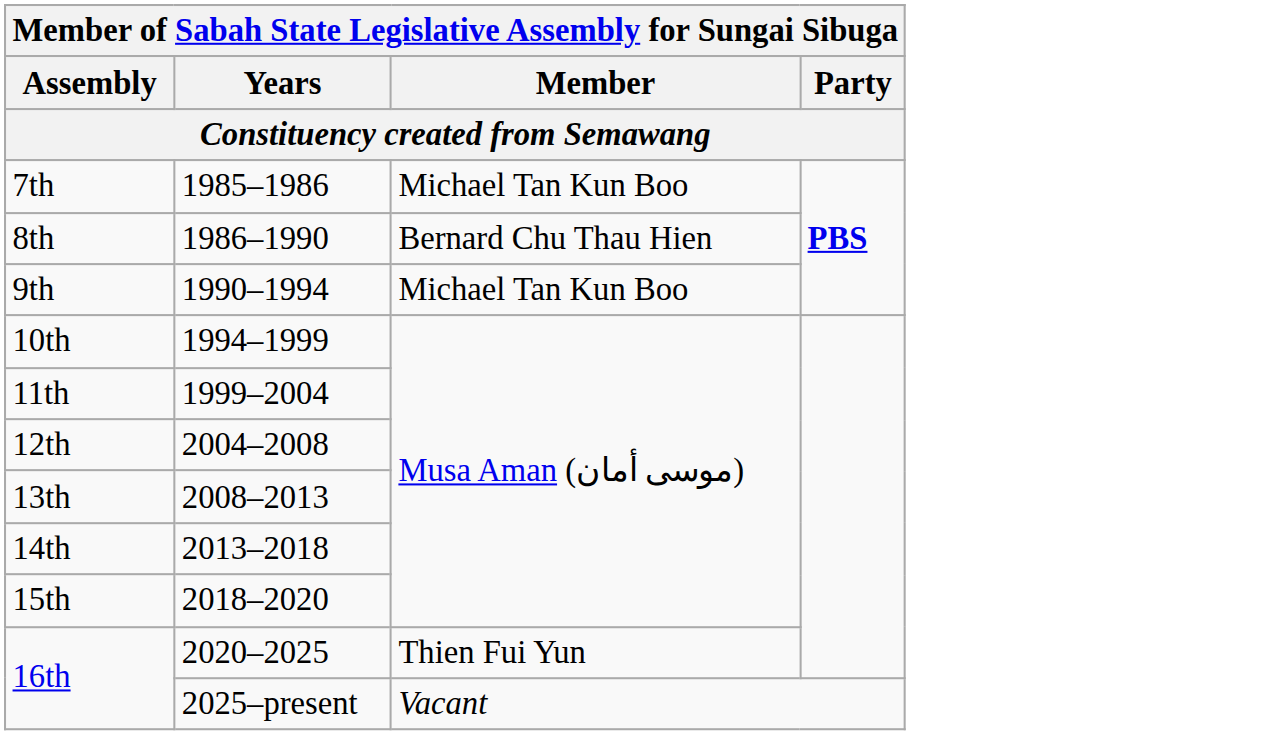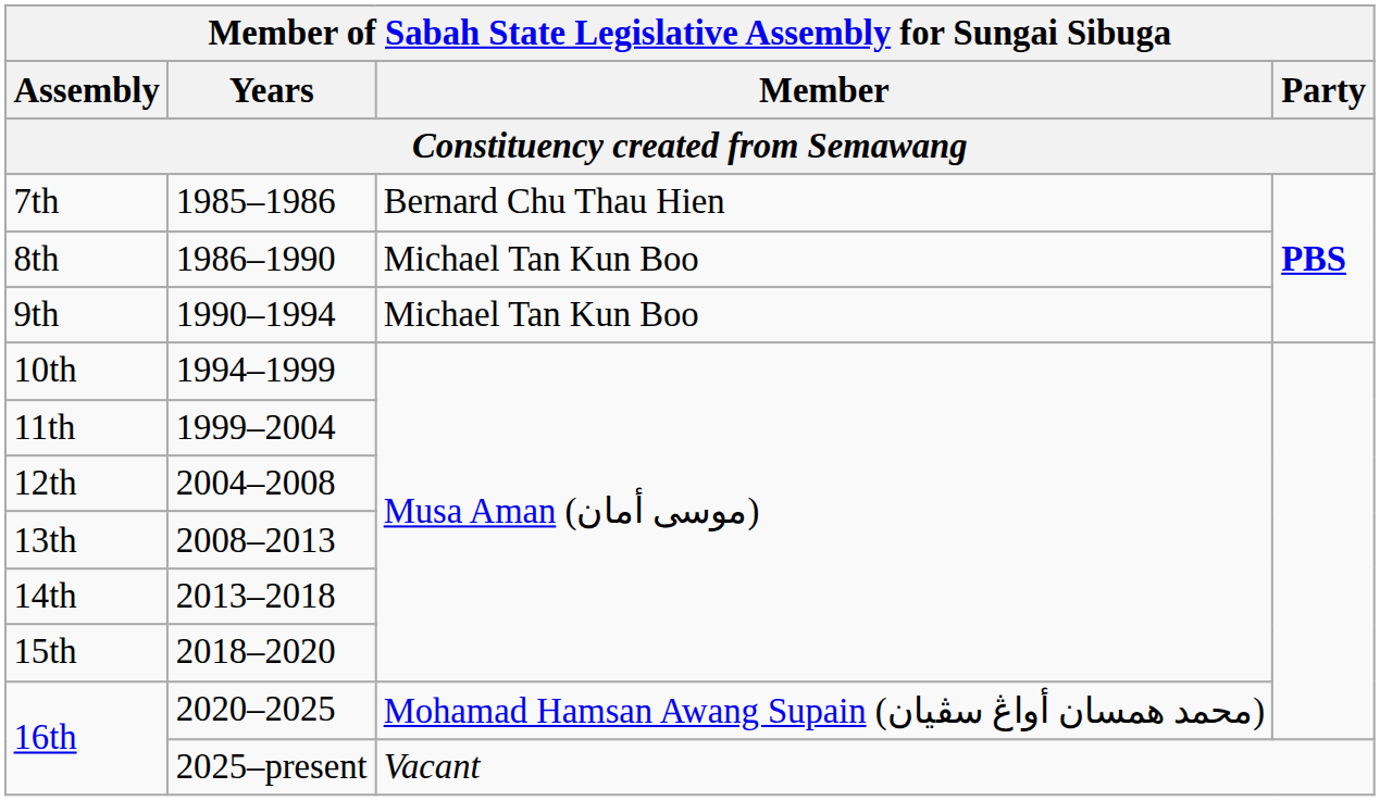 <table class="wikitable">
 <tr>
 <th colspan="4">Member of <a href='#'>Sabah State Legislative Assembly</a> for Sungai Sibuga</th>
 </tr>
 <tr>
 <th>Assembly</th>
 <th>Years</th>
 <th>Member</th>
 <th>Party</th>
 </tr>
 <tr>
 <th colspan="4" align="center"><em>Constituency created from Semawang</em></th>
 </tr>
 <tr>
 <td>7th</td>
 <td>1985–1986</td>
-<td>Michael Tan Kun Boo</td>
+<td>Bernard Chu Thau Hien</td>
 <td rowspan=3><strong><a href='#'>PBS</a></strong></td>
 </tr>
 <tr>
 <td>8th</td>
 <td>1986–1990</td>
-<td>Bernard Chu Thau Hien</td>
+<td>Michael Tan Kun Boo</td>
 </tr>
 <tr>
 <td>9th</td>
 <td>1990–1994</td>
 <td>Michael Tan Kun Boo</td>
 </tr>
 <tr>
 <td>10th</td>
 <td>1994–1999</td>
 <td rowspan="6"><a href='#'>Musa Aman</a> (موسى أمان)</td>
 <td rowspan=7></td>
 </tr>
 <tr>
 <td>11th</td>
 <td>1999–2004</td>
 </tr>
 <tr>
 <td>12th</td>
 <td>2004–2008</td>
 </tr>
 <tr>
 <td>13th</td>
 <td>2008–2013</td>
 </tr>
 <tr>
 <td>14th</td>
 <td>2013–2018</td>
 </tr>
 <tr>
 <td>15th</td>
 <td>2018–2020</td>
 </tr>
 <tr>
 <td rowspan=2><a href='#'>16th</a></td>
 <td>2020–2025</td>
-<td>Thien Fui Yun</td>
+<td><a href='#'>Mohamad Hamsan Awang Supain</a> (محمد همسان أواڠ سڤيان)</td>
 </tr>
 <tr>
 <td>2025–present</td>
 <td colspan=2><em>Vacant</em></td>
 </tr>
 </table>
